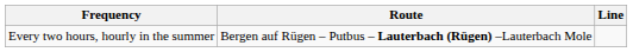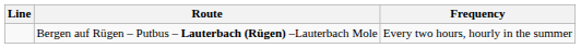 <table class="wikitable">
 <tr>
+<th>Line</th>
+<th>Route</th>
 <th>Frequency</th>
-<th>Route</th>
-<th>Line</th>
 </tr>
 <tr>
+<td></td>
+<td>Bergen auf Rügen – Putbus – <strong>Lauterbach (Rügen)</strong> –Lauterbach Mole</td>
 <td>Every two hours, hourly in the summer</td>
-<td>Bergen auf Rügen – Putbus – <strong>Lauterbach (Rügen)</strong> –Lauterbach Mole</td>
-<td></td>
 </tr>
 </table>
